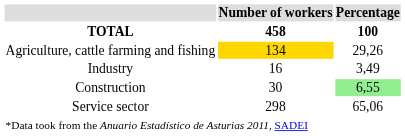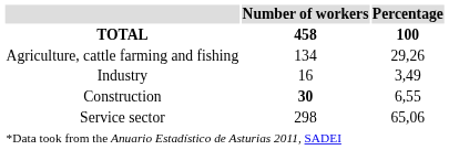 <table style="margin:1em auto;">
 <tr>
 </tr>
 <tr style="text-align:center; background:#ddd;">
 <th></th>
 <th><strong>Number of workers</strong></th>
 <th><strong>Percentage</strong></th>
 </tr>
 <tr style="text-align:center;">
 <td><strong>TOTAL</strong></td>
 <td><strong>458</strong></td>
 <td><strong>100</strong></td>
 </tr>
 <tr style="text-align:center;">
 <td>Agriculture, cattle farming and fishing</td>
-<td style="background: gold;">134</td>
+<td>134</td>
 <td>29,26</td>
 </tr>
 <tr style="text-align:center;">
 <td>Industry</td>
 <td>16</td>
 <td>3,49</td>
 </tr>
 <tr style="text-align:center;">
 <td>Construction</td>
-<td>30</td>
-<td style="background: lightgreen;">6,55</td>
+<td><strong>30</strong></td>
+<td>6,55</td>
 </tr>
 <tr style="text-align:center;">
 <td>Service sector</td>
 <td>298</td>
 <td>65,06</td>
 </tr>
 <tr>
 <td colspan="6"><small>*Data took from the <em>Anuario Estadístico de Asturias 2011</em>, <a href='#'>SADEI</a></small></td>
 </tr>
 </table>
